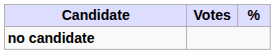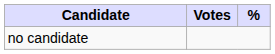 <table class="wikitable">
 <tr>
 <th style="background:#ddf; width:200px;">Candidate</th>
 <th style="background:#ddf; width:50px;">Votes</th>
 <th style="background:#ddf; width:30px;">%</th>
 </tr>
 <tr>
-<td><strong>no candidate</strong></td>
+<td>no candidate</td>
 <td colspan="2"></td>
 </tr>
 </table>
